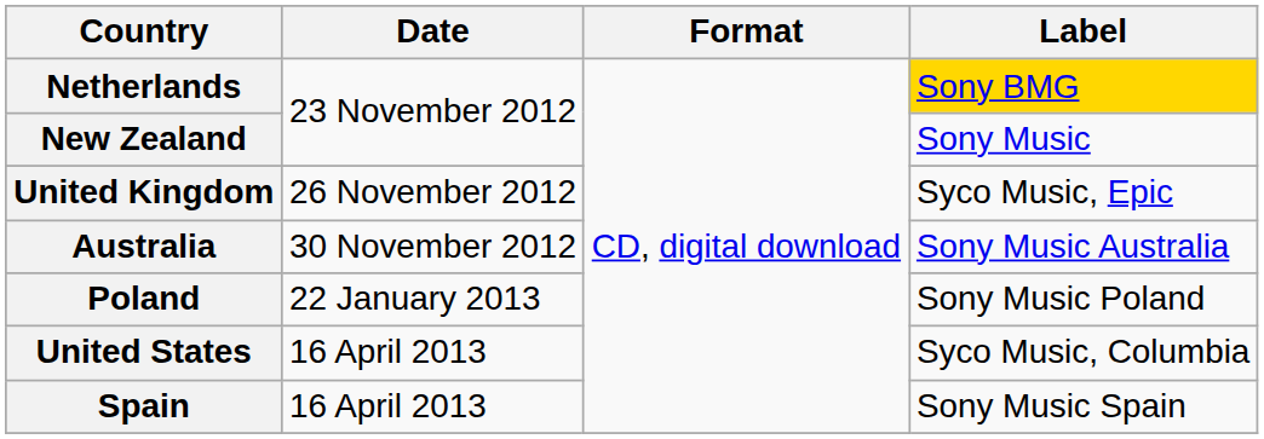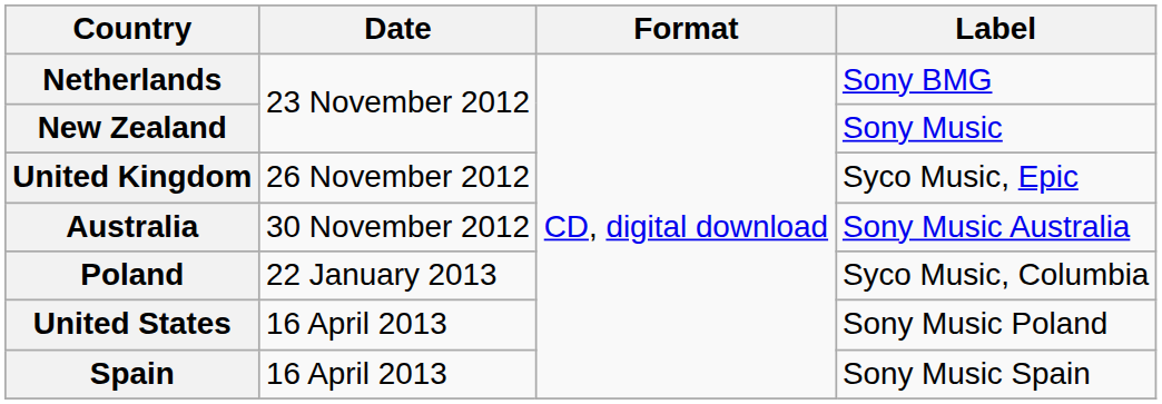 <table class="wikitable plainrowheaders">
 <tr>
 <th>Country</th>
 <th>Date</th>
 <th>Format</th>
 <th>Label</th>
 </tr>
 <tr>
 <th scope="row">Netherlands</th>
 <td rowspan="2">23 November 2012</td>
 <td rowspan="7"><a href='#'>CD</a>, <a href='#'>digital download</a></td>
-<td style="background: gold;"><a href='#'>Sony BMG</a></td>
+<td><a href='#'>Sony BMG</a></td>
 </tr>
 <tr>
 <th scope="row">New Zealand</th>
 <td><a href='#'>Sony Music</a></td>
 </tr>
 <tr>
 <th scope="row">United Kingdom</th>
 <td>26 November 2012</td>
 <td>Syco Music, <a href='#'>Epic</a></td>
 </tr>
 <tr>
 <th scope="row">Australia</th>
 <td>30 November 2012</td>
 <td><a href='#'>Sony Music Australia</a></td>
 </tr>
 <tr>
 <th scope="row">Poland</th>
 <td>22 January 2013</td>
-<td>Sony Music Poland</td>
+<td>Syco Music, Columbia</td>
 </tr>
 <tr>
 <th scope="row">United States</th>
 <td>16 April 2013</td>
-<td>Syco Music, Columbia</td>
+<td>Sony Music Poland</td>
 </tr>
 <tr>
 <th scope="row">Spain</th>
 <td>16 April 2013</td>
 <td>Sony Music Spain</td>
 </tr>
 </table>
